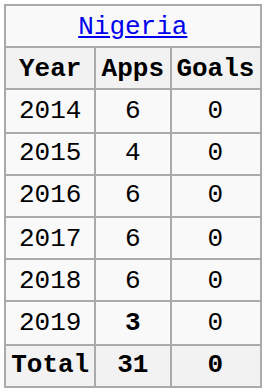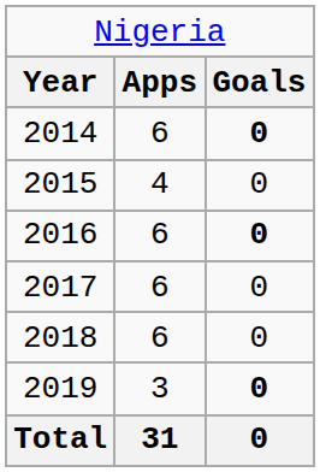 <table class="wikitable" style="text-align:center">
 <tr>
 <td colspan="3"><a href='#'>Nigeria</a></td>
 </tr>
 <tr>
 <th>Year</th>
 <th>Apps</th>
 <th>Goals</th>
 </tr>
 <tr>
 <td>2014</td>
 <td>6</td>
-<td>0</td>
+<td><strong>0</strong></td>
 </tr>
 <tr>
 <td>2015</td>
 <td>4</td>
 <td>0</td>
 </tr>
 <tr>
 <td>2016</td>
 <td>6</td>
-<td>0</td>
+<td><strong>0</strong></td>
 </tr>
 <tr>
 <td>2017</td>
 <td>6</td>
 <td>0</td>
 </tr>
 <tr>
 <td>2018</td>
 <td>6</td>
 <td>0</td>
 </tr>
 <tr>
 <td>2019</td>
-<td><strong>3</strong></td>
-<td>0</td>
+<td>3</td>
+<td><strong>0</strong></td>
 </tr>
 <tr>
 <th>Total</th>
 <th>31</th>
 <th>0</th>
 </tr>
 </table>
